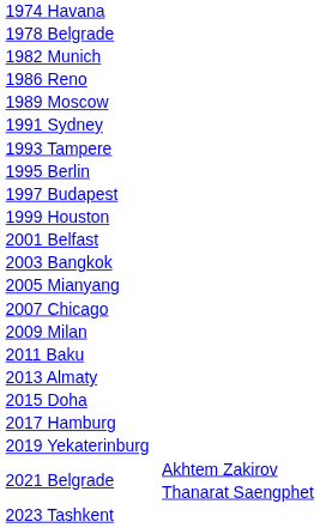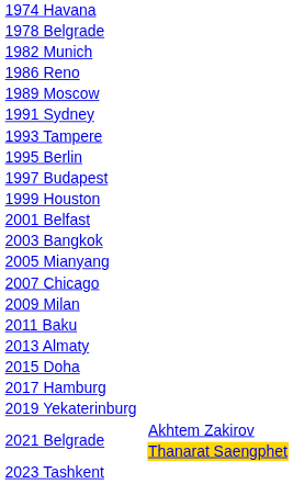 <table>
 <tr>
 <td rowspan=2><a href='#'>1974 Havana</a></td>
 <td rowspan=2></td>
 <td rowspan=2></td>
 <td></td>
 </tr>
 <tr>
 <td></td>
 </tr>
 <tr>
 <td rowspan=2><a href='#'>1978 Belgrade</a></td>
 <td rowspan=2></td>
 <td rowspan=2></td>
 <td></td>
 </tr>
 <tr>
 <td></td>
 </tr>
 <tr>
 <td rowspan=2><a href='#'>1982 Munich</a></td>
 <td rowspan=2></td>
 <td rowspan=2></td>
 <td></td>
 </tr>
 <tr>
 <td></td>
 </tr>
 <tr>
 <td rowspan=2><a href='#'>1986 Reno</a></td>
 <td rowspan=2></td>
 <td rowspan=2></td>
 <td></td>
 </tr>
 <tr>
 <td></td>
 </tr>
 <tr>
 <td rowspan=2><a href='#'>1989 Moscow</a></td>
 <td rowspan=2></td>
 <td rowspan=2></td>
 <td></td>
 </tr>
 <tr>
 <td></td>
 </tr>
 <tr>
 <td rowspan=2><a href='#'>1991 Sydney</a></td>
 <td rowspan=2></td>
 <td rowspan=2></td>
 <td></td>
 </tr>
 <tr>
 <td></td>
 </tr>
 <tr>
 <td rowspan=2><a href='#'>1993 Tampere</a></td>
 <td rowspan=2></td>
 <td rowspan=2></td>
 <td></td>
 </tr>
 <tr>
 <td></td>
 </tr>
 <tr>
 <td rowspan=2><a href='#'>1995 Berlin</a></td>
 <td rowspan=2></td>
 <td rowspan=2></td>
 <td></td>
 </tr>
 <tr>
 <td></td>
 </tr>
 <tr>
 <td rowspan=2><a href='#'>1997 Budapest</a></td>
 <td rowspan=2></td>
 <td rowspan=2></td>
 <td></td>
 </tr>
 <tr>
 <td></td>
 </tr>
 <tr>
 <td rowspan=2><a href='#'>1999 Houston</a></td>
 <td rowspan=2></td>
 <td rowspan=2></td>
 <td></td>
 </tr>
 <tr>
 <td></td>
 </tr>
 <tr>
 <td rowspan=2><a href='#'>2001 Belfast</a></td>
 <td rowspan=2></td>
 <td rowspan=2></td>
 <td></td>
 </tr>
 <tr>
 <td></td>
 </tr>
 <tr>
 <td rowspan=2><a href='#'>2003 Bangkok</a></td>
 <td rowspan=2></td>
 <td rowspan=2></td>
 <td></td>
 </tr>
 <tr>
 <td></td>
 </tr>
 <tr>
 <td rowspan=2><a href='#'>2005 Mianyang</a></td>
 <td rowspan=2></td>
 <td rowspan=2></td>
 <td></td>
 </tr>
 <tr>
 <td></td>
 </tr>
 <tr>
 <td rowspan=2><a href='#'>2007 Chicago</a></td>
 <td rowspan=2></td>
 <td rowspan=2></td>
 <td></td>
 </tr>
 <tr>
 <td></td>
 </tr>
 <tr>
 <td rowspan=2><a href='#'>2009 Milan</a></td>
 <td rowspan=2></td>
 <td rowspan=2></td>
 <td></td>
 </tr>
 <tr>
 <td></td>
 </tr>
 <tr>
 <td rowspan=2><a href='#'>2011 Baku</a></td>
 <td rowspan=2></td>
 <td rowspan=2></td>
 <td></td>
 </tr>
 <tr>
 <td></td>
 </tr>
 <tr>
 <td rowspan=2><a href='#'>2013 Almaty</a></td>
 <td rowspan=2></td>
 <td rowspan=2></td>
 <td></td>
 </tr>
 <tr>
 <td></td>
 </tr>
 <tr>
 <td rowspan=2><a href='#'>2015 Doha</a></td>
 <td rowspan=2></td>
 <td rowspan=2></td>
 <td></td>
 </tr>
 <tr>
 <td></td>
 </tr>
 <tr>
 <td rowspan=2><a href='#'>2017 Hamburg</a></td>
 <td rowspan=2></td>
 <td rowspan=2></td>
 <td></td>
 </tr>
 <tr>
 <td></td>
 </tr>
 <tr>
 <td rowspan=2><a href='#'>2019 Yekaterinburg</a></td>
 <td rowspan=2></td>
 <td rowspan=2></td>
 <td></td>
 </tr>
 <tr>
 <td></td>
 </tr>
 <tr>
 <td rowspan=2><a href='#'>2021 Belgrade</a></td>
 <td rowspan=2></td>
 <td rowspan=2></td>
 <td> <a href='#'>Akhtem Zakirov</a> </td>
 </tr>
 <tr>
-<td><a href='#'>Thanarat Saengphet</a> </td>
+<td style="background: gold;"><a href='#'>Thanarat Saengphet</a> </td>
 </tr>
 <tr>
 <td rowspan=2><a href='#'>2023 Tashkent</a></td>
 <td rowspan=2></td>
 <td rowspan=2></td>
 <td></td>
 </tr>
 <tr>
 <td></td>
 </tr>
 </table>
